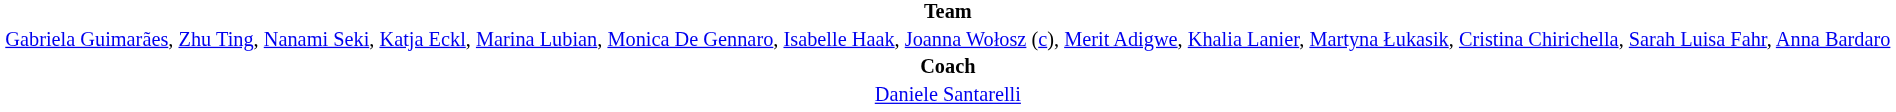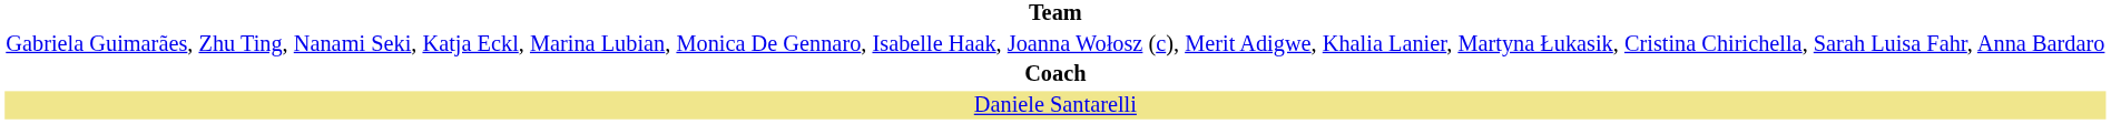 <table style="text-align:center; margin-top:2em; margin-left:auto; margin-right:auto">
 <tr>
 <td><strong>Team</strong></td>
 </tr>
 <tr>
 <td><a href='#'>Gabriela Guimarães</a>, <a href='#'>Zhu Ting</a>, <a href='#'>Nanami Seki</a>, <a href='#'>Katja Eckl</a>, <a href='#'>Marina Lubian</a>, <a href='#'>Monica De Gennaro</a>, <a href='#'>Isabelle Haak</a>, <a href='#'>Joanna Wołosz</a> (<a href='#'>c</a>), <a href='#'>Merit Adigwe</a>, <a href='#'>Khalia Lanier</a>, <a href='#'>Martyna Łukasik</a>, <a href='#'>Cristina Chirichella</a>, <a href='#'>Sarah Luisa Fahr</a>, <a href='#'>Anna Bardaro</a></td>
 </tr>
 <tr>
 <td><strong>Coach</strong></td>
 </tr>
 <tr>
-<td> <a href='#'>Daniele Santarelli</a></td>
+<td style="background: khaki;"> <a href='#'>Daniele Santarelli</a></td>
 </tr>
 </table>
